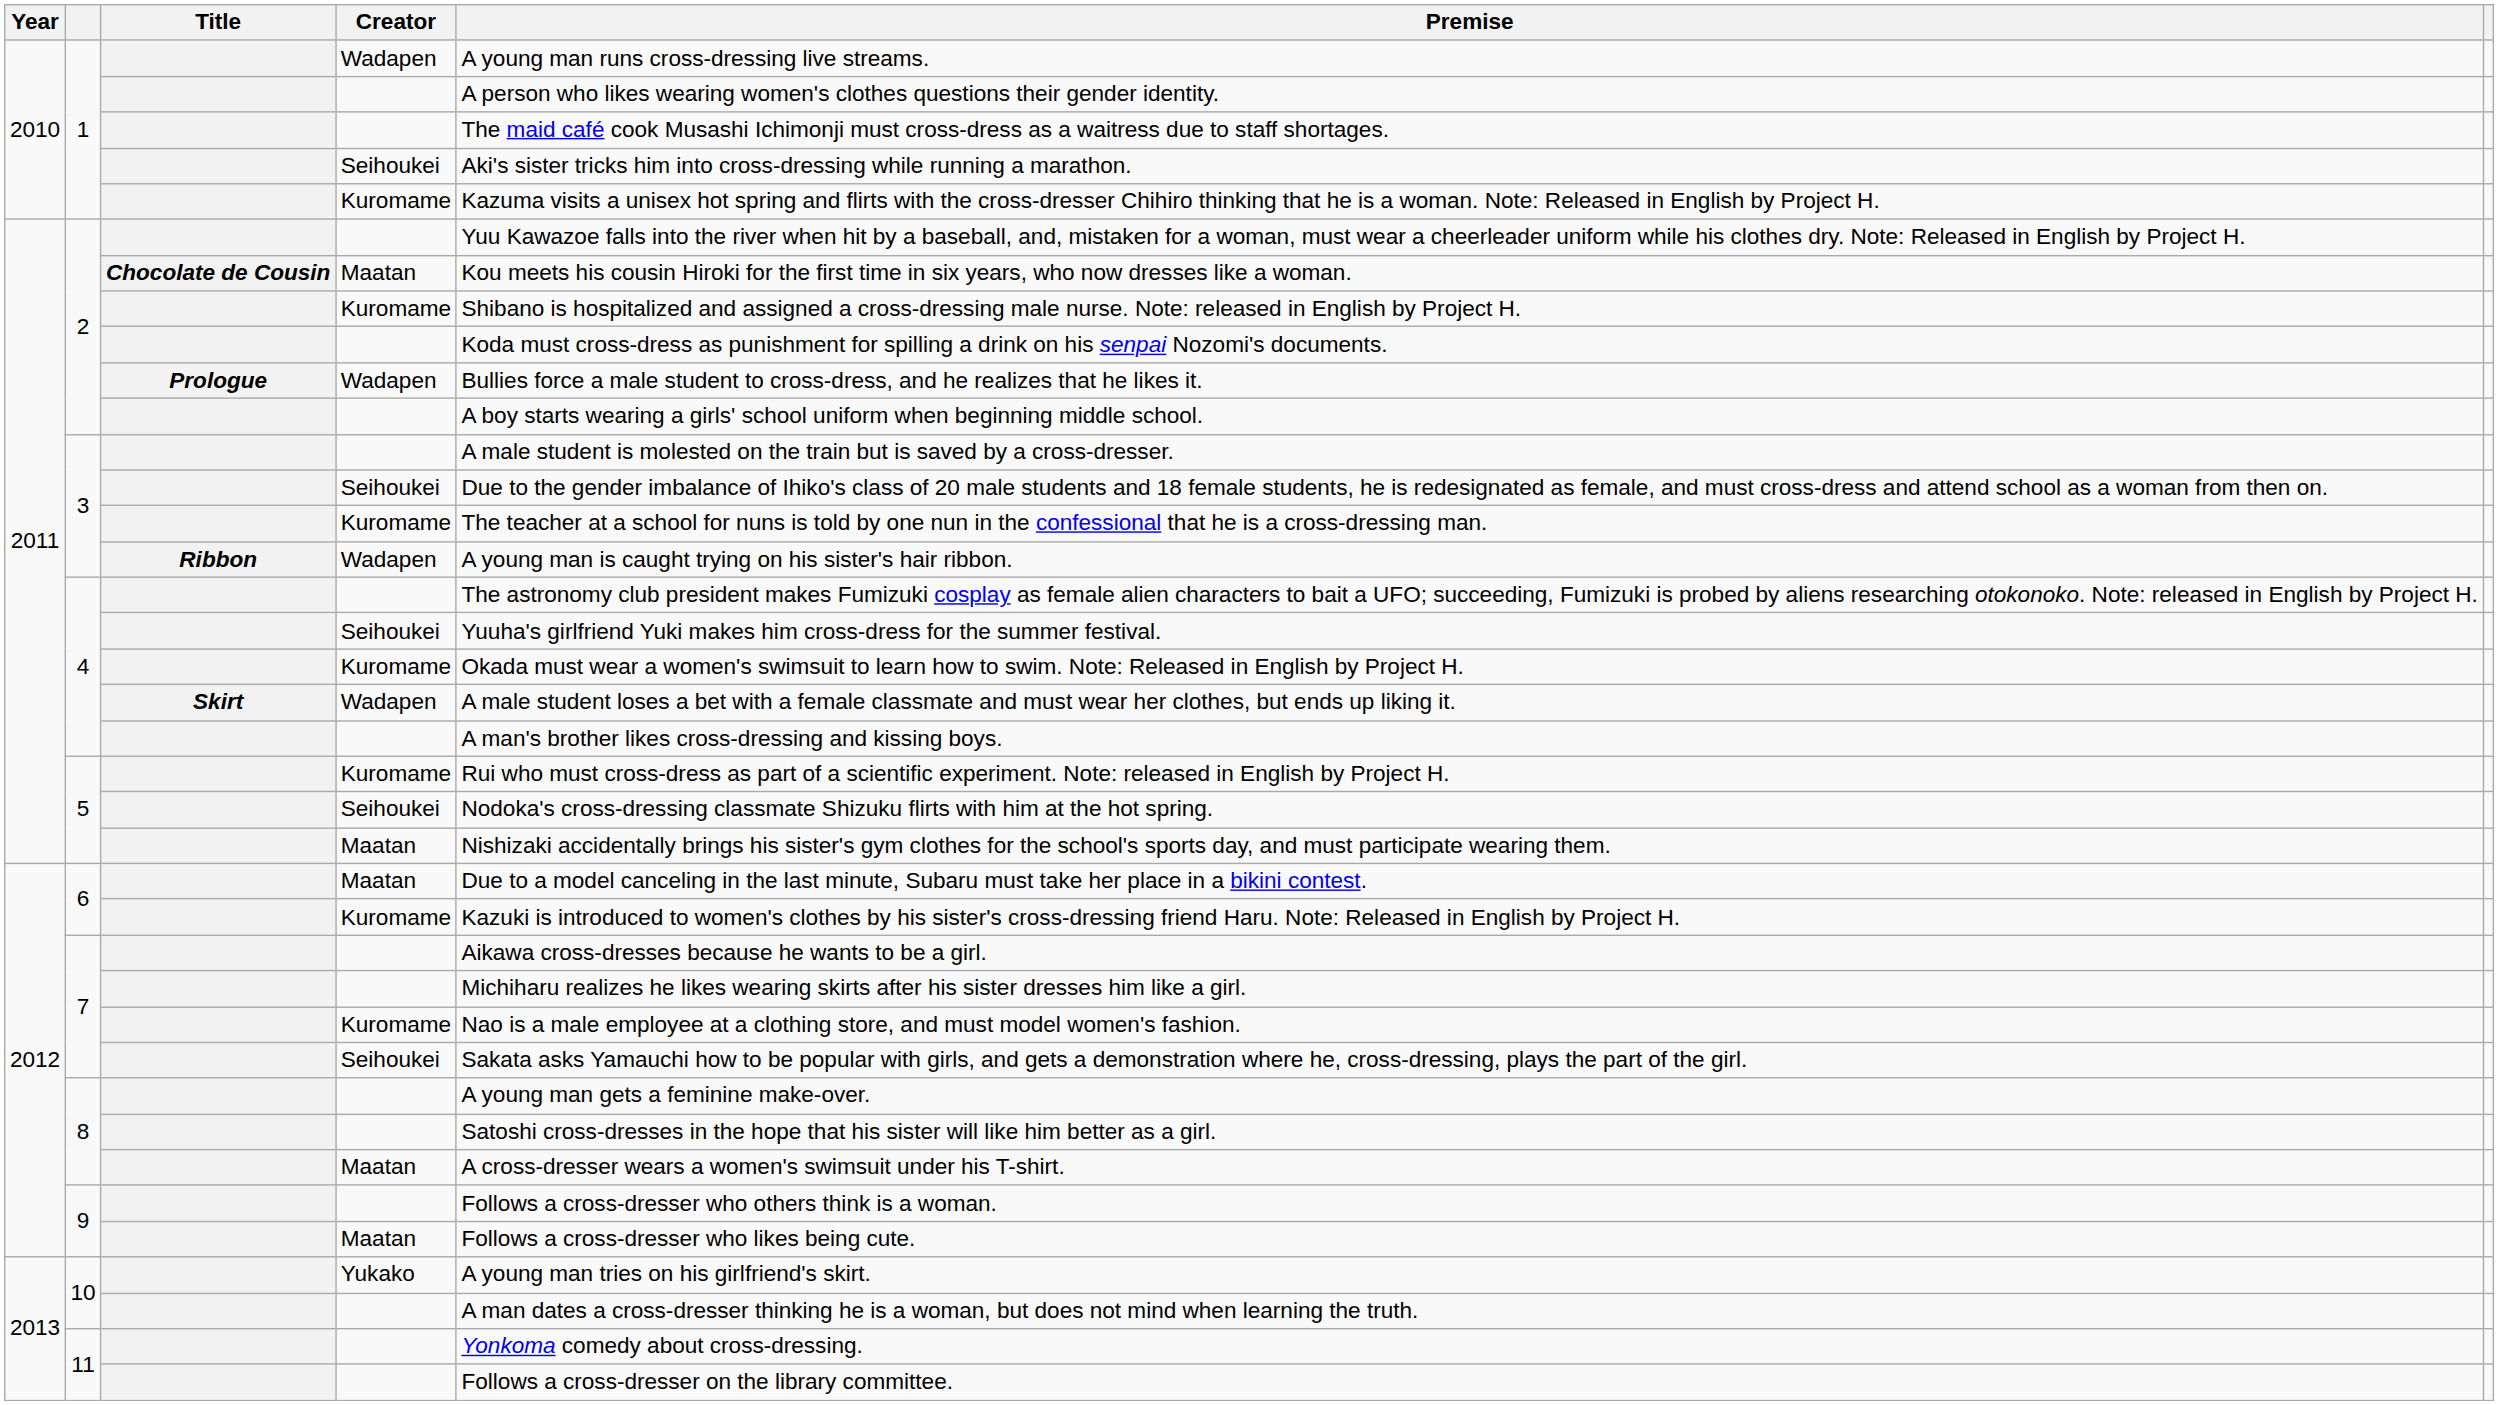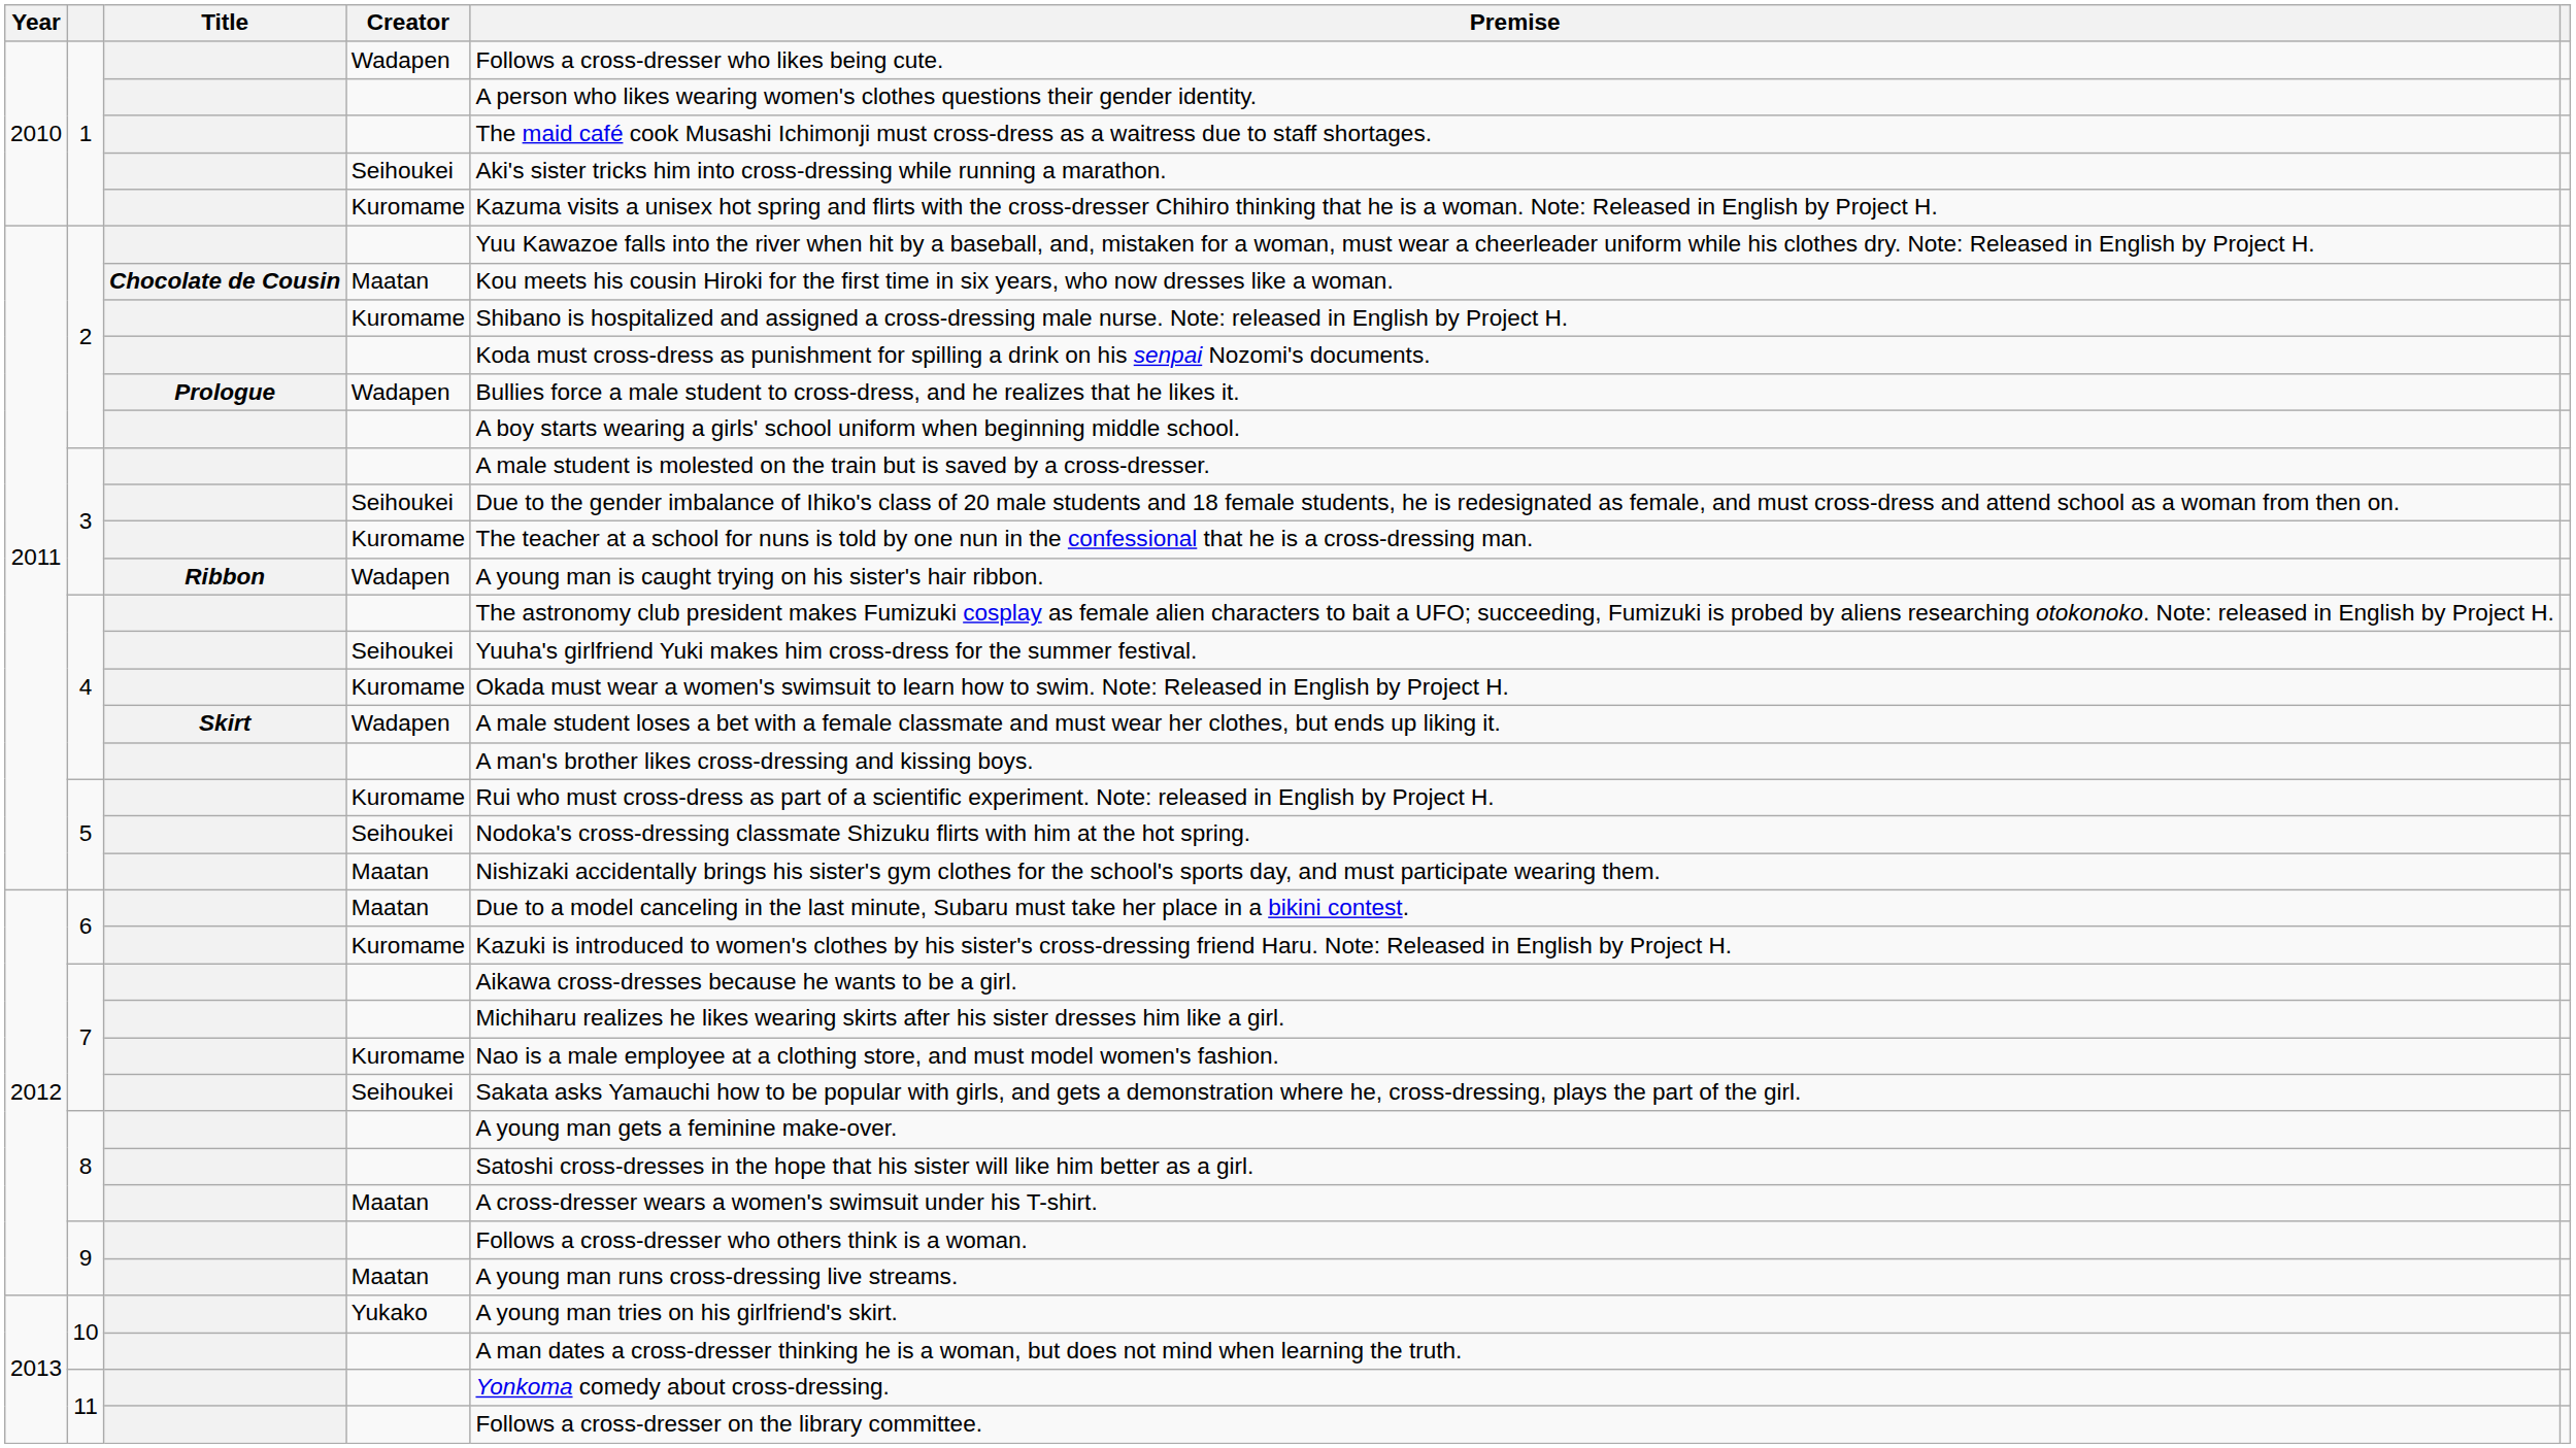 <table class="wikitable sortable plainrowheaders">
 <tr>
 <th scope="col">Year</th>
 <th scope="col"></th>
 <th scope="col">Title</th>
 <th scope="col">Creator</th>
 <th scope="col">Premise</th>
 <th scope="col" class="unsortable"></th>
 </tr>
 <tr>
 <td rowspan="5" align="center">2010</td>
 <td rowspan="5" align="center">1</td>
 <th scope="row" style="text-align:center;"></th>
 <td>Wadapen</td>
-<td>A young man runs cross-dressing live streams.</td>
+<td>Follows a cross-dresser who likes being cute.</td>
 <td align="center"></td>
 </tr>
 <tr>
 <th scope="row" style="text-align:center;"></th>
 <td></td>
 <td>A person who likes wearing women's clothes questions their gender identity.</td>
 <td align="center"></td>
 </tr>
 <tr>
 <th scope="row" style="text-align:center;"></th>
 <td></td>
 <td>The <a href='#'>maid café</a> cook Musashi Ichimonji must cross-dress as a waitress due to staff shortages.</td>
 <td align="center"></td>
 </tr>
 <tr>
 <th scope="row" style="text-align:center;"></th>
 <td>Seihoukei</td>
 <td>Aki's sister tricks him into cross-dressing while running a marathon.</td>
 <td align="center"></td>
 </tr>
 <tr>
 <th scope="row" style="text-align:center;"></th>
 <td>Kuromame</td>
 <td>Kazuma visits a unisex hot spring and flirts with the cross-dresser Chihiro thinking that he is a woman. Note: Released in English by Project H.</td>
 <td align="center"></td>
 </tr>
 <tr>
 <td rowspan="18" align="center">2011</td>
 <td rowspan="6" align="center">2</td>
 <th scope="row" style="text-align:center;"></th>
 <td></td>
 <td>Yuu Kawazoe falls into the river when hit by a baseball, and, mistaken for a woman, must wear a cheerleader uniform while his clothes dry. Note: Released in English by Project H.</td>
 <td align="center"></td>
 </tr>
 <tr>
 <th scope="row" style="text-align:center;"><em>Chocolate de Cousin</em></th>
 <td>Maatan</td>
 <td>Kou meets his cousin Hiroki for the first time in six years, who now dresses like a woman.</td>
 <td align="center"></td>
 </tr>
 <tr>
 <th scope="row" style="text-align:center;"></th>
 <td>Kuromame</td>
 <td>Shibano is hospitalized and assigned a cross-dressing male nurse. Note: released in English by Project H.</td>
 <td align="center"></td>
 </tr>
 <tr>
 <th scope="row" style="text-align:center;"></th>
 <td></td>
 <td>Koda must cross-dress as punishment for spilling a drink on his <em><a href='#'>senpai</a></em> Nozomi's documents.</td>
 <td align="center"></td>
 </tr>
 <tr>
 <th scope="row" style="text-align:center;"><em>Prologue</em> </th>
 <td>Wadapen</td>
 <td>Bullies force a male student to cross-dress, and he realizes that he likes it.</td>
 <td align="center"></td>
 </tr>
 <tr>
 <th scope="row" style="text-align:center;"></th>
 <td></td>
 <td>A boy starts wearing a girls' school uniform when beginning middle school.</td>
 <td align="center"></td>
 </tr>
 <tr>
 <td rowspan="4" align="center">3</td>
 <th scope="row" style="text-align:center;"></th>
 <td></td>
 <td>A male student is molested on the train but is saved by a cross-dresser.</td>
 <td align="center"></td>
 </tr>
 <tr>
 <th scope="row" style="text-align:center;"></th>
 <td>Seihoukei</td>
 <td>Due to the gender imbalance of Ihiko's class of 20 male students and 18 female students, he is redesignated as female, and must cross-dress and attend school as a woman from then on.</td>
 <td align="center"></td>
 </tr>
 <tr>
 <th scope="row" style="text-align:center;"></th>
 <td>Kuromame</td>
 <td>The teacher at a school for nuns is told by one nun in the <a href='#'>confessional</a> that he is a cross-dressing man.</td>
 <td align="center"></td>
 </tr>
 <tr>
 <th scope="row" style="text-align:center;"><em>Ribbon</em> </th>
 <td>Wadapen</td>
 <td>A young man is caught trying on his sister's hair ribbon.</td>
 <td align="center"></td>
 </tr>
 <tr>
 <td rowspan="5" align="center">4</td>
 <th scope="row" style="text-align:center;"></th>
 <td></td>
 <td>The astronomy club president makes Fumizuki <a href='#'>cosplay</a> as female alien characters to bait a UFO; succeeding, Fumizuki is probed by aliens researching <em>otokonoko</em>. Note: released in English by Project H.</td>
 <td align="center"></td>
 </tr>
 <tr>
 <th scope="row" style="text-align:center;"></th>
 <td>Seihoukei</td>
 <td>Yuuha's girlfriend Yuki makes him cross-dress for the summer festival.</td>
 <td align="center"></td>
 </tr>
 <tr>
 <th scope="row" style="text-align:center;"></th>
 <td>Kuromame</td>
 <td>Okada must wear a women's swimsuit to learn how to swim. Note: Released in English by Project H.</td>
 <td align="center"></td>
 </tr>
 <tr>
 <th scope="row" style="text-align:center;"><em>Skirt</em> </th>
 <td>Wadapen</td>
 <td>A male student loses a bet with a female classmate and must wear her clothes, but ends up liking it.</td>
 <td align="center"></td>
 </tr>
 <tr>
 <th scope="row" style="text-align:center;"></th>
 <td></td>
 <td>A man's brother likes cross-dressing and kissing boys.</td>
 <td align="center"></td>
 </tr>
 <tr>
 <td rowspan="3" align="center">5</td>
 <th scope="row" style="text-align:center;"></th>
 <td>Kuromame</td>
 <td>Rui who must cross-dress as part of a scientific experiment. Note: released in English by Project H.</td>
 <td align="center"></td>
 </tr>
 <tr>
 <th scope="row" style="text-align:center;"></th>
 <td>Seihoukei</td>
 <td>Nodoka's cross-dressing classmate Shizuku flirts with him at the hot spring.</td>
 <td align="center"></td>
 </tr>
 <tr>
 <th scope="row" style="text-align:center;"></th>
 <td>Maatan</td>
 <td>Nishizaki accidentally brings his sister's gym clothes for the school's sports day, and must participate wearing them.</td>
 <td align="center"></td>
 </tr>
 <tr>
 <td rowspan="11" align="center">2012</td>
 <td rowspan="2" align="center">6</td>
 <th scope="row" style="text-align:center;"></th>
 <td>Maatan</td>
 <td>Due to a model canceling in the last minute, Subaru must take her place in a <a href='#'>bikini contest</a>.</td>
 <td align="center"></td>
 </tr>
 <tr>
 <th scope="row" style="text-align:center;"></th>
 <td>Kuromame</td>
 <td>Kazuki is introduced to women's clothes by his sister's cross-dressing friend Haru. Note: Released in English by Project H.</td>
 <td align="center"></td>
 </tr>
 <tr>
 <td rowspan="4" align="center">7</td>
 <th scope="row" style="text-align:center;"></th>
 <td></td>
 <td>Aikawa cross-dresses because he wants to be a girl.</td>
 <td align="center"></td>
 </tr>
 <tr>
 <th scope="row" style="text-align:center;"></th>
 <td></td>
 <td>Michiharu realizes he likes wearing skirts after his sister dresses him like a girl.</td>
 <td align="center"></td>
 </tr>
 <tr>
 <th scope="row" style="text-align:center;"></th>
 <td>Kuromame</td>
 <td>Nao is a male employee at a clothing store, and must model women's fashion.</td>
 <td align="center"></td>
 </tr>
 <tr>
 <th scope="row" style="text-align:center;"></th>
 <td>Seihoukei</td>
 <td>Sakata asks Yamauchi how to be popular with girls, and gets a demonstration where he, cross-dressing, plays the part of the girl.</td>
 <td align="center"></td>
 </tr>
 <tr>
 <td rowspan="3" align="center">8</td>
 <th scope="row" style="text-align:center;"></th>
 <td></td>
 <td>A young man gets a feminine make-over.</td>
 <td align="center"></td>
 </tr>
 <tr>
 <th scope="row" style="text-align:center;"></th>
 <td></td>
 <td>Satoshi cross-dresses in the hope that his sister will like him better as a girl.</td>
 <td align="center"></td>
 </tr>
 <tr>
 <th scope="row" style="text-align:center;"></th>
 <td>Maatan</td>
 <td>A cross-dresser wears a women's swimsuit under his T-shirt.</td>
 <td align="center"></td>
 </tr>
 <tr>
 <td rowspan="2" align="center">9</td>
 <th scope="row" style="text-align:center;"></th>
 <td></td>
 <td>Follows a cross-dresser who others think is a woman.</td>
 <td align="center"></td>
 </tr>
 <tr>
 <th scope="row" style="text-align:center;"></th>
 <td>Maatan</td>
-<td>Follows a cross-dresser who likes being cute.</td>
+<td>A young man runs cross-dressing live streams.</td>
 <td align="center"></td>
 </tr>
 <tr>
 <td rowspan="4" align="center">2013</td>
 <td rowspan="2" align="center">10</td>
 <th scope="row" style="text-align:center;"></th>
 <td>Yukako</td>
 <td>A young man tries on his girlfriend's skirt.</td>
 <td align="center"></td>
 </tr>
 <tr>
 <th scope="row" style="text-align:center;"></th>
 <td></td>
 <td>A man dates a cross-dresser thinking he is a woman, but does not mind when learning the truth.</td>
 <td align="center"></td>
 </tr>
 <tr>
 <td rowspan="2" align="center">11</td>
 <th scope="row" style="text-align:center;"></th>
 <td></td>
 <td><em><a href='#'>Yonkoma</a></em> comedy about cross-dressing.</td>
 <td align="center"></td>
 </tr>
 <tr>
 <th scope="row" style="text-align:center;"></th>
 <td></td>
 <td>Follows a cross-dresser on the library committee.</td>
 <td align="center"></td>
 </tr>
 </table>
